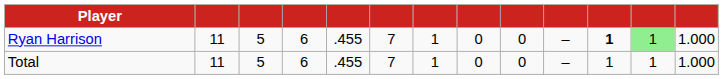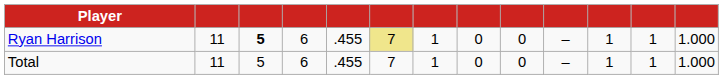 <table class="wikitable" style="text-align:center">
 <tr>
 <th style="background:#CD231F; color:white" width="200px">Player</th>
 <th style="background:#CD231F; color:white" width="40px"></th>
 <th style="background:#CD231F; color:white" width="40px"></th>
 <th style="background:#CD231F; color:white" width="40px"></th>
 <th style="background:#CD231F; color:white" width="40px"></th>
 <th style="background:#CD231F; color:white" width="40px"></th>
 <th style="background:#CD231F; color:white" width="40px"></th>
 <th style="background:#CD231F; color:white" width="40px"></th>
 <th style="background:#CD231F; color:white" width="40px"></th>
 <th style="background:#CD231F; color:white" width="40px"></th>
 <th style="background:#CD231F; color:white" width="40px"></th>
 <th style="background:#CD231F; color:white" width="40px"></th>
 <th style="background:#CD231F; color:white" width="40px"></th>
 </tr>
 <tr>
 <td style="text-align:left"><a href='#'>Ryan Harrison</a></td>
 <td>11</td>
-<td>5</td>
+<td><strong>5</strong></td>
 <td>6</td>
 <td>.455</td>
-<td>7</td>
+<td style="background: khaki;">7</td>
 <td>1</td>
 <td>0</td>
 <td>0</td>
 <td>–</td>
-<td><strong>1</strong></td>
-<td style="background: lightgreen;">1</td>
+<td>1</td>
+<td>1</td>
 <td>1.000</td>
 </tr>
 <tr>
 <td style="text-align:left">Total</td>
 <td>11</td>
 <td>5</td>
 <td>6</td>
 <td>.455</td>
 <td>7</td>
 <td>1</td>
 <td>0</td>
 <td>0</td>
 <td>–</td>
 <td>1</td>
 <td>1</td>
 <td>1.000</td>
 </tr>
 </table>
